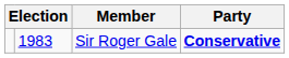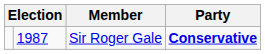 <table class="wikitable">
 <tr>
 <th colspan="2">Election</th>
 <th>Member</th>
 <th>Party</th>
 </tr>
 <tr>
 <td style="color:inherit;background-color: "></td>
-<td><a href='#'>1983</a></td>
+<td><a href='#'>1987</a></td>
 <td><a href='#'>Sir Roger Gale</a></td>
 <td><strong><a href='#'>Conservative</a></strong></td>
 </tr>
 </table>
